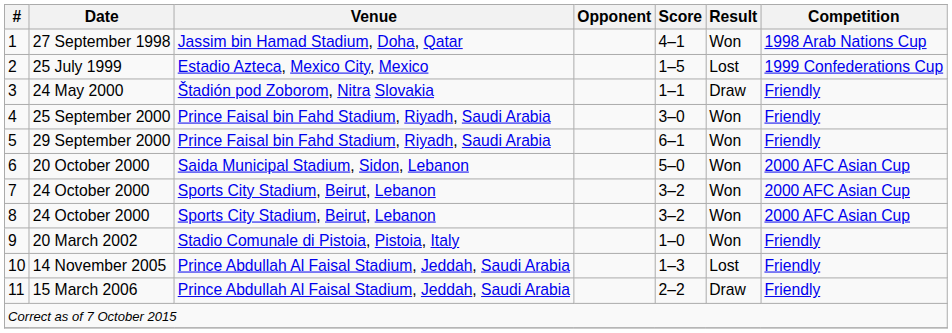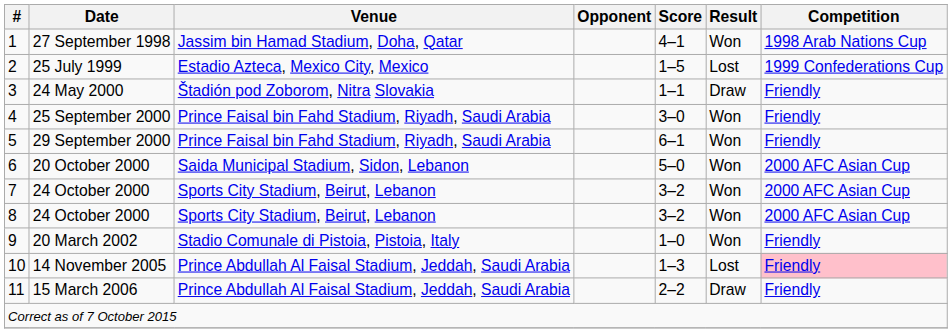 <table class="wikitable">
 <tr>
 <th>#</th>
 <th>Date</th>
 <th>Venue</th>
 <th>Opponent</th>
 <th>Score</th>
 <th>Result</th>
 <th>Competition</th>
 </tr>
 <tr>
 <td>1</td>
 <td>27 September 1998</td>
 <td><a href='#'>Jassim bin Hamad Stadium</a>, <a href='#'>Doha</a>, <a href='#'>Qatar</a></td>
 <td></td>
 <td>4–1</td>
 <td>Won</td>
 <td><a href='#'>1998 Arab Nations Cup</a></td>
 </tr>
 <tr>
 <td>2</td>
 <td>25 July 1999</td>
 <td><a href='#'>Estadio Azteca</a>, <a href='#'>Mexico City</a>, <a href='#'>Mexico</a></td>
 <td></td>
 <td>1–5</td>
 <td>Lost</td>
 <td><a href='#'>1999 Confederations Cup</a></td>
 </tr>
 <tr>
 <td>3</td>
 <td>24 May 2000</td>
 <td><a href='#'>Štadión pod Zoborom</a>, <a href='#'>Nitra</a> <a href='#'>Slovakia</a></td>
 <td></td>
 <td>1–1</td>
 <td>Draw</td>
 <td><a href='#'>Friendly</a></td>
 </tr>
 <tr>
 <td>4</td>
 <td>25 September 2000</td>
 <td><a href='#'>Prince Faisal bin Fahd Stadium</a>, <a href='#'>Riyadh</a>, <a href='#'>Saudi Arabia</a></td>
 <td></td>
 <td>3–0</td>
 <td>Won</td>
 <td><a href='#'>Friendly</a></td>
 </tr>
 <tr>
 <td>5</td>
 <td>29 September 2000</td>
 <td><a href='#'>Prince Faisal bin Fahd Stadium</a>, <a href='#'>Riyadh</a>, <a href='#'>Saudi Arabia</a></td>
 <td></td>
 <td>6–1</td>
 <td>Won</td>
 <td><a href='#'>Friendly</a></td>
 </tr>
 <tr>
 <td>6</td>
 <td>20 October 2000</td>
 <td><a href='#'>Saida Municipal Stadium</a>, <a href='#'>Sidon</a>, <a href='#'>Lebanon</a></td>
 <td></td>
 <td>5–0</td>
 <td>Won</td>
 <td><a href='#'>2000 AFC Asian Cup</a></td>
 </tr>
 <tr>
 <td>7</td>
 <td>24 October 2000</td>
 <td><a href='#'>Sports City Stadium</a>, <a href='#'>Beirut</a>, <a href='#'>Lebanon</a></td>
 <td></td>
 <td>3–2</td>
 <td>Won</td>
 <td><a href='#'>2000 AFC Asian Cup</a></td>
 </tr>
 <tr>
 <td>8</td>
 <td>24 October 2000</td>
 <td><a href='#'>Sports City Stadium</a>, <a href='#'>Beirut</a>, <a href='#'>Lebanon</a></td>
 <td></td>
 <td>3–2</td>
 <td>Won</td>
 <td><a href='#'>2000 AFC Asian Cup</a></td>
 </tr>
 <tr>
 <td>9</td>
 <td>20 March 2002</td>
 <td><a href='#'>Stadio Comunale di Pistoia</a>, <a href='#'>Pistoia</a>, <a href='#'>Italy</a></td>
 <td></td>
 <td>1–0</td>
 <td>Won</td>
 <td><a href='#'>Friendly</a></td>
 </tr>
 <tr>
 <td>10</td>
 <td>14 November 2005</td>
 <td><a href='#'>Prince Abdullah Al Faisal Stadium</a>, <a href='#'>Jeddah</a>, <a href='#'>Saudi Arabia</a></td>
 <td></td>
 <td>1–3</td>
 <td>Lost</td>
-<td><a href='#'>Friendly</a></td>
+<td style="background: pink;"><a href='#'>Friendly</a></td>
 </tr>
 <tr>
 <td>11</td>
 <td>15 March 2006</td>
 <td><a href='#'>Prince Abdullah Al Faisal Stadium</a>, <a href='#'>Jeddah</a>, <a href='#'>Saudi Arabia</a></td>
 <td></td>
 <td>2–2</td>
 <td>Draw</td>
 <td><a href='#'>Friendly</a></td>
 </tr>
 <tr>
 <td colspan="15"><small><em>Correct as of 7 October 2015</em></small></td>
 </tr>
 <tr>
 </tr>
 </table>
